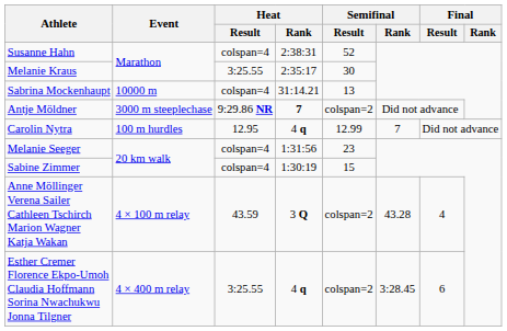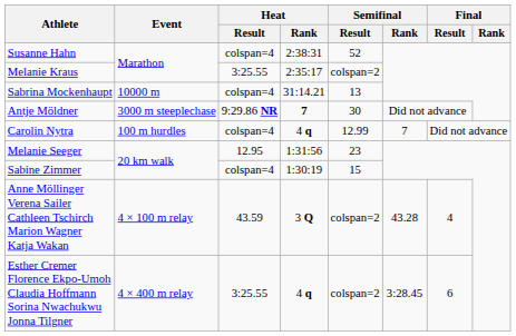 <table class=wikitable style="font-size:90%">
 <tr>
 <th rowspan="2">Athlete</th>
 <th rowspan="2">Event</th>
 <th colspan="2">Heat</th>
 <th colspan="2">Semifinal</th>
 <th colspan="2">Final</th>
 </tr>
 <tr style="font-size:95%">
 <th>Result</th>
 <th>Rank</th>
 <th>Result</th>
 <th>Rank</th>
 <th>Result</th>
 <th>Rank</th>
 </tr>
 <tr align=center>
 <td align=left><a href='#'>Susanne Hahn</a></td>
 <td align=left rowspan=2><a href='#'>Marathon</a></td>
 <td>colspan=4 </td>
 <td>2:38:31</td>
 <td>52</td>
 </tr>
 <tr align=center>
 <td align=left><a href='#'>Melanie Kraus</a></td>
 <td>3:25.55</td>
 <td>2:35:17</td>
-<td>30</td>
+<td>colspan=2 </td>
 </tr>
 <tr align=center>
 <td align=left><a href='#'>Sabrina Mockenhaupt</a></td>
 <td align=left><a href='#'>10000 m</a></td>
 <td>colspan=4 </td>
 <td>31:14.21</td>
 <td>13</td>
 </tr>
 <tr align=center>
 <td align=left><a href='#'>Antje Möldner</a></td>
 <td align=left><a href='#'>3000 m steeplechase</a></td>
 <td>9:29.86 <strong><a href='#'>NR</a></strong></td>
 <td><strong>7</strong></td>
-<td>colspan=2 </td>
+<td>30</td>
 <td colspan=2>Did not advance</td>
 </tr>
 <tr align=center>
 <td align=left><a href='#'>Carolin Nytra</a></td>
 <td align=left><a href='#'>100 m hurdles</a></td>
-<td>12.95</td>
+<td>colspan=4 </td>
 <td>4 <strong>q</strong></td>
 <td>12.99</td>
 <td>7</td>
 <td colspan=2>Did not advance</td>
 </tr>
 <tr align=center>
 <td align=left><a href='#'>Melanie Seeger</a></td>
 <td align=left rowspan=2><a href='#'>20 km walk</a></td>
-<td>colspan=4 </td>
+<td>12.95</td>
 <td>1:31:56</td>
 <td>23</td>
 </tr>
 <tr align=center>
 <td align=left><a href='#'>Sabine Zimmer</a></td>
 <td>colspan=4 </td>
 <td>1:30:19</td>
 <td>15</td>
 </tr>
 <tr align=center>
 <td align=left><a href='#'>Anne Möllinger</a><br><a href='#'>Verena Sailer</a><br><a href='#'>Cathleen Tschirch</a><br><a href='#'>Marion Wagner</a><br><a href='#'>Katja Wakan</a></td>
 <td align=left><a href='#'>4 × 100 m relay</a></td>
 <td>43.59</td>
 <td>3 <strong>Q</strong></td>
 <td>colspan=2 </td>
 <td>43.28</td>
 <td>4</td>
 </tr>
 <tr align=center>
 <td align=left><a href='#'>Esther Cremer</a><br><a href='#'>Florence Ekpo-Umoh</a><br><a href='#'>Claudia Hoffmann</a><br><a href='#'>Sorina Nwachukwu</a><br><a href='#'>Jonna Tilgner</a></td>
 <td align=left><a href='#'>4 × 400 m relay</a></td>
 <td>3:25.55</td>
 <td>4 <strong>q</strong></td>
 <td>colspan=2 </td>
 <td>3:28.45</td>
 <td>6</td>
 </tr>
 </table>
